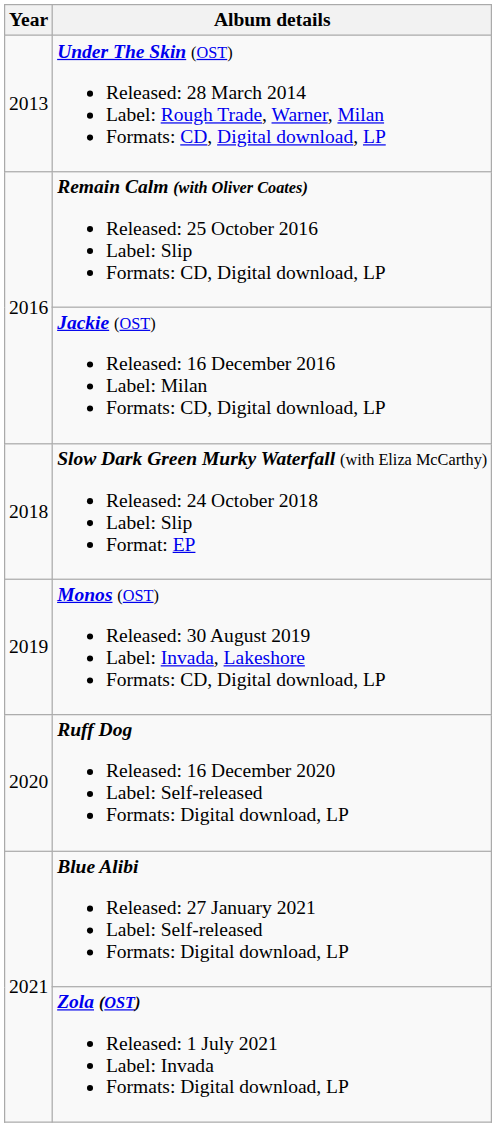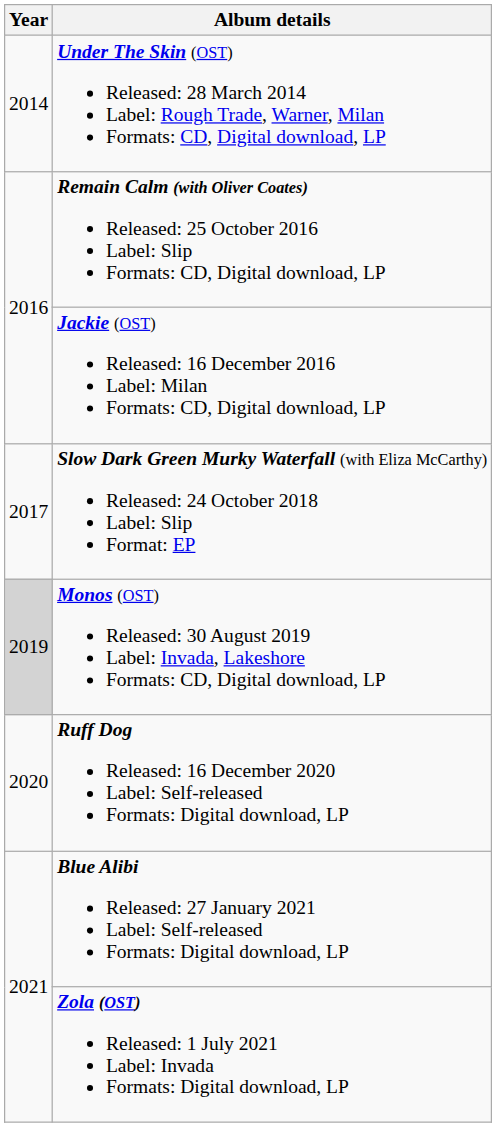 <table class="wikitable" style="text-align:center;">
 <tr>
 <th>Year</th>
 <th>Album details</th>
 </tr>
 <tr>
-<td>2013</td>
+<td>2014</td>
 <td align="left"><strong><em><a href='#'>Under The Skin</a></em></strong> <small>(<a href='#'>OST</a>)</small><br><ul><li>Released: 28 March 2014</li><li>Label: <a href='#'>Rough Trade</a>, <a href='#'>Warner</a>, <a href='#'>Milan</a></li><li>Formats: <a href='#'>CD</a>, <a href='#'>Digital download</a>, <a href='#'>LP</a></li></ul></td>
 </tr>
 <tr>
 <td rowspan="2">2016</td>
 <td align="left"><strong><em>Remain Calm <small>(with Oliver Coates)</small></em></strong><br><ul><li>Released: 25 October 2016</li><li>Label: Slip</li><li>Formats: CD, Digital download, LP</li></ul></td>
 </tr>
 <tr>
 <td align="left"><strong><em><a href='#'>Jackie</a></em></strong> <small>(<a href='#'>OST</a>)</small><br><ul><li>Released: 16 December 2016</li><li>Label: Milan</li><li>Formats: CD, Digital download, LP</li></ul></td>
 </tr>
 <tr>
-<td>2018</td>
+<td>2017</td>
 <td align="left"><strong><em>Slow Dark Green Murky Waterfall</em></strong> <small>(with Eliza McCarthy)</small><br><ul><li>Released: 24 October 2018</li><li>Label: Slip</li><li>Format: <a href='#'>EP</a></li></ul></td>
 </tr>
 <tr>
-<td>2019</td>
+<td style="background: lightgrey;">2019</td>
 <td align="left"><strong><em><a href='#'>Monos</a></em></strong> <small>(<a href='#'>OST</a>)</small><br><ul><li>Released: 30 August 2019</li><li>Label: <a href='#'>Invada</a>, <a href='#'>Lakeshore</a></li><li>Formats: CD, Digital download, LP</li></ul></td>
 </tr>
 <tr>
 <td>2020</td>
 <td align="left"><strong><em>Ruff Dog</em></strong><br><ul><li>Released: 16 December 2020</li><li>Label: Self-released</li><li>Formats: Digital download, LP</li></ul></td>
 </tr>
 <tr>
 <td rowspan="2">2021</td>
 <td align="left"><strong><em>Blue Alibi</em></strong><br><ul><li>Released: 27 January 2021</li><li>Label: Self-released</li><li>Formats: Digital download, LP</li></ul></td>
 </tr>
 <tr>
 <td align="left"><a href='#'><strong><em>Zola</em></strong></a> <strong><em><small>(<a href='#'>OST</a>)</small></em></strong><br><ul><li>Released: 1 July 2021</li><li>Label: Invada</li><li>Formats: Digital download, LP</li></ul></td>
 </tr>
 </table>
